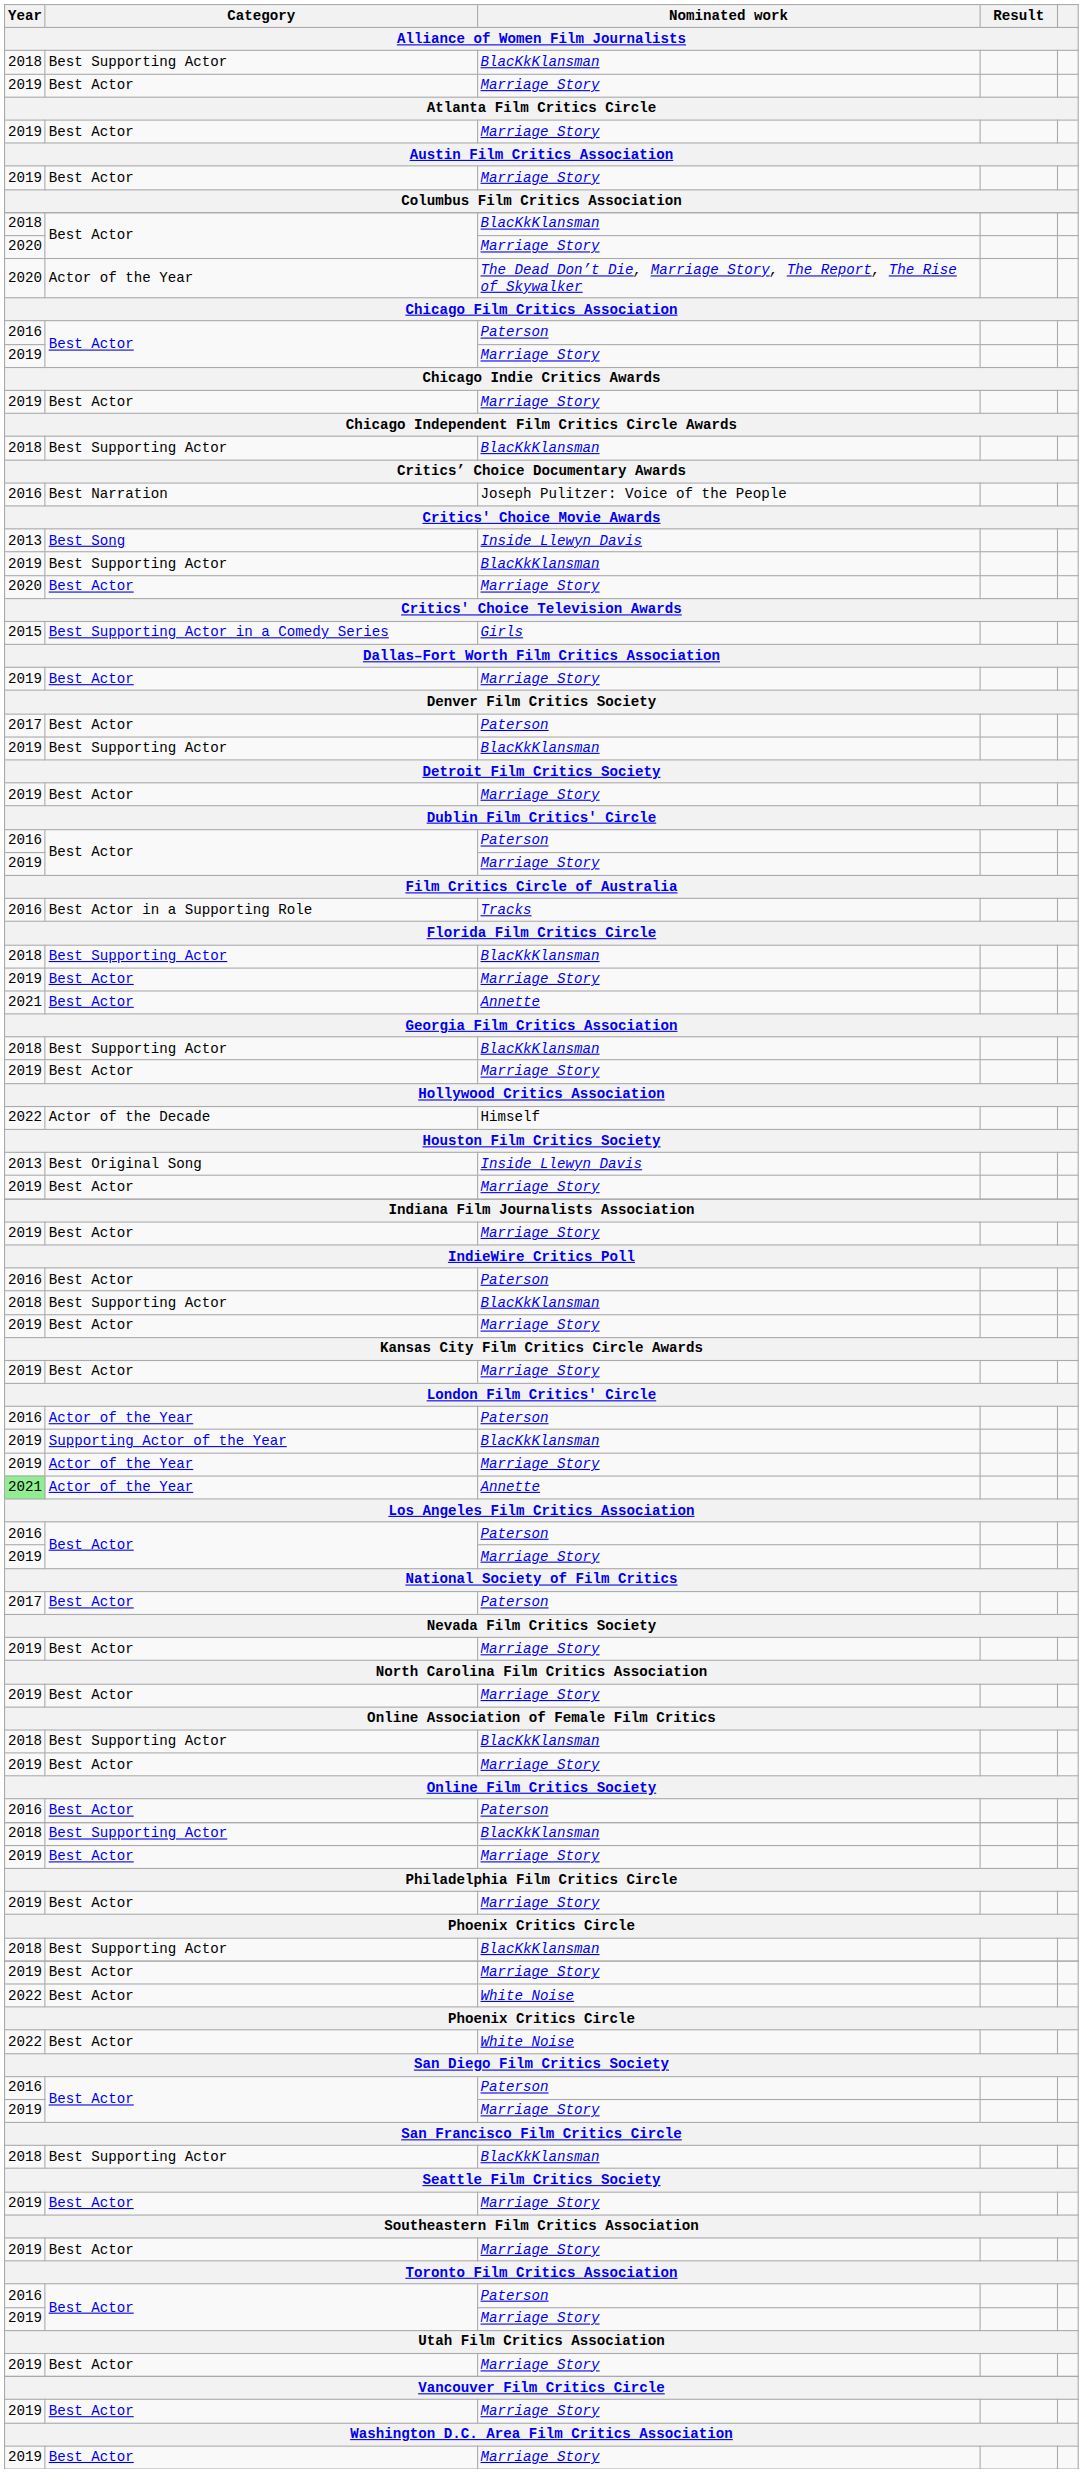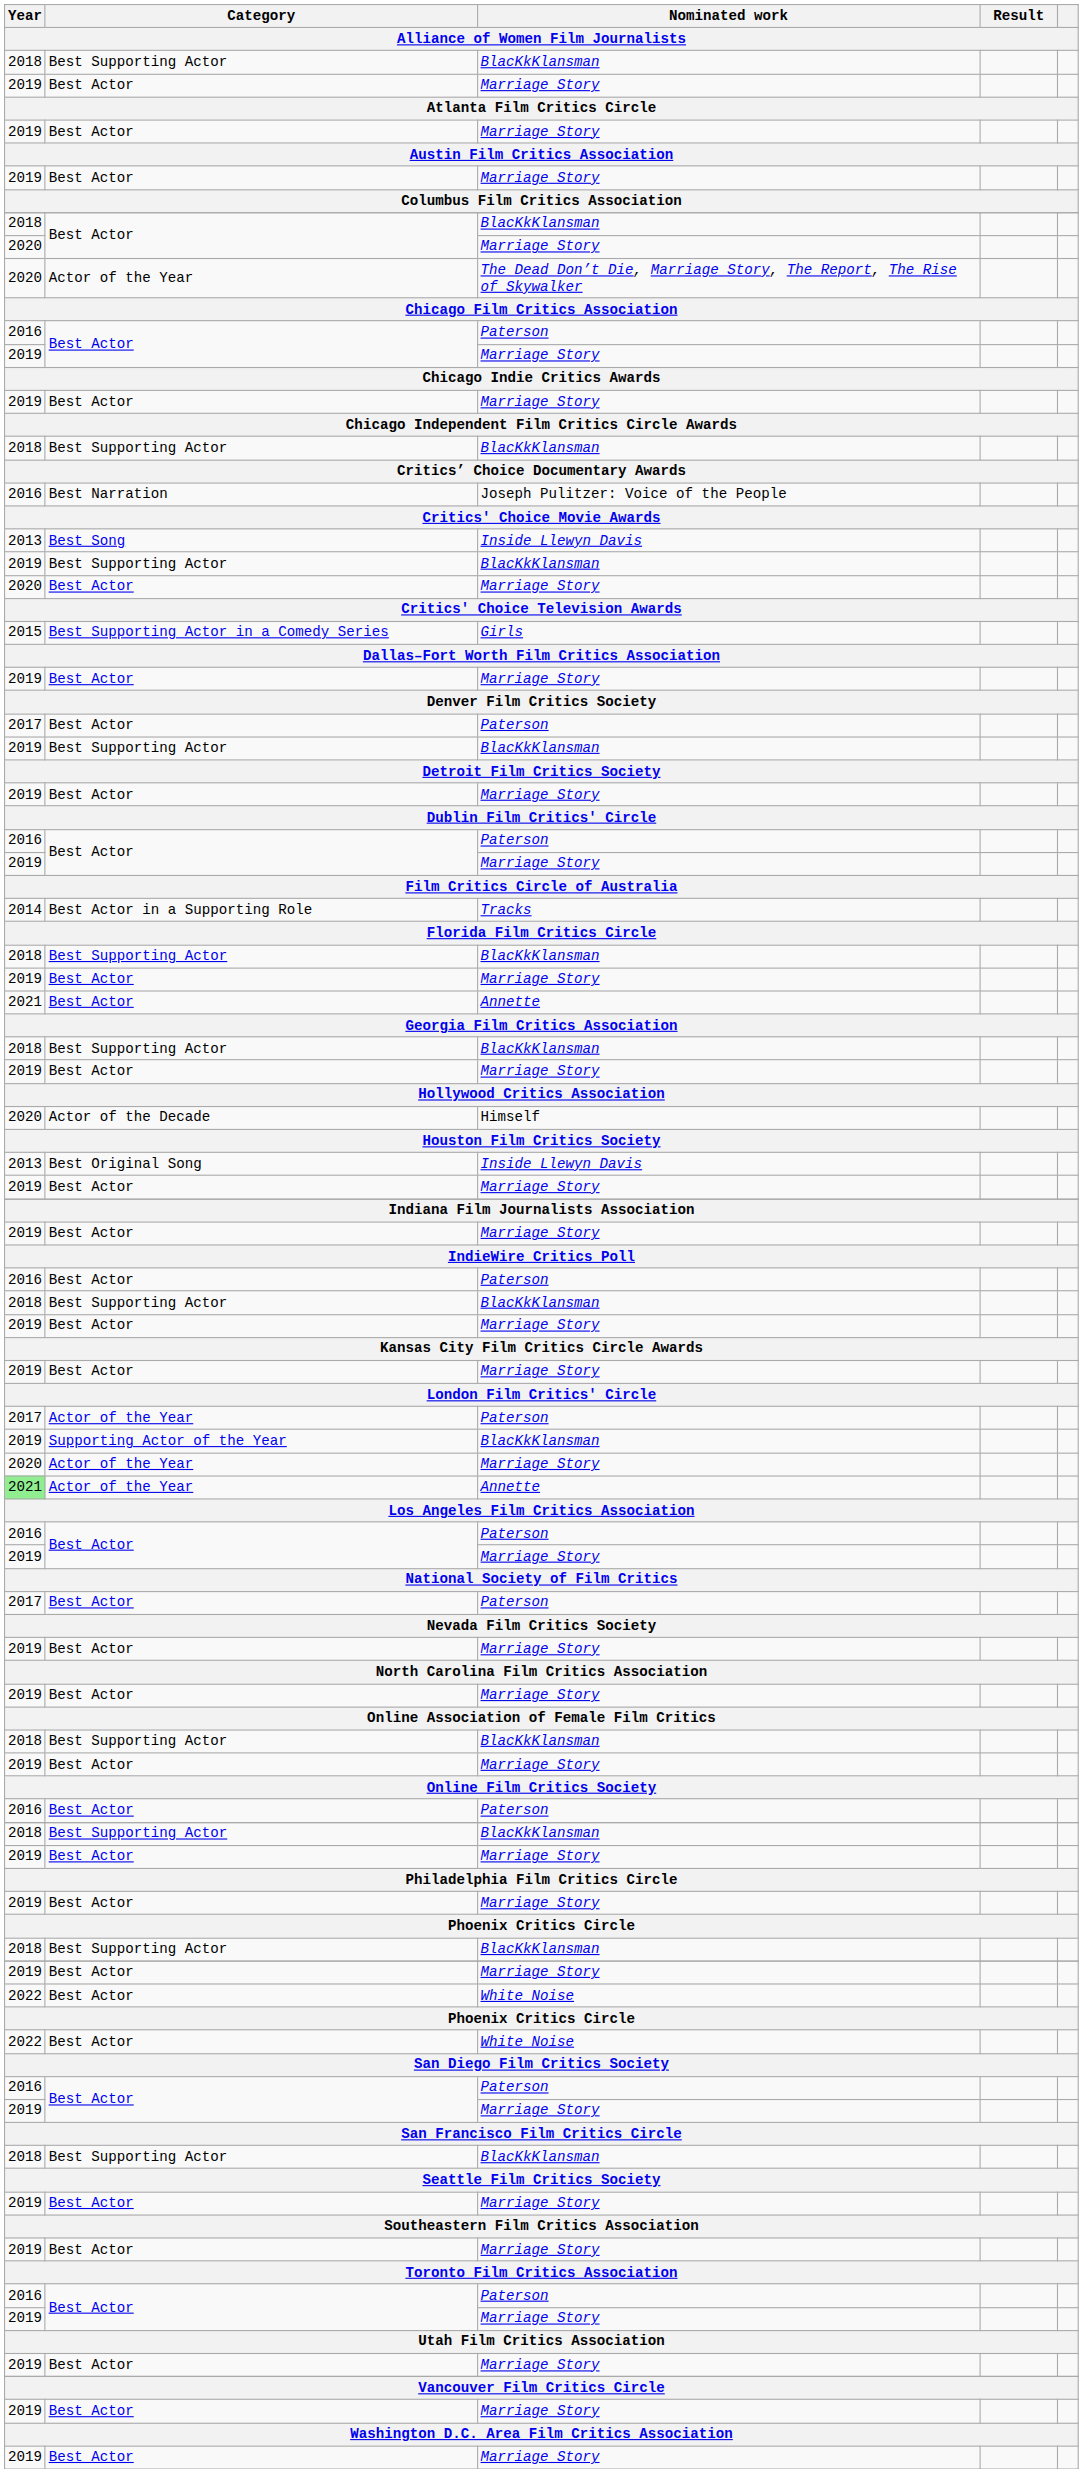 <table class="wikitable">
 <tr>
 <th scope="col" style="width:1em;">Year</th>
 <th scope="col" style="width:30em;">Category</th>
 <th scope="col" style="width:35em;">Nominated work</th>
 <th scope="col" style="width:5em;">Result</th>
 <th scope="col" style="width:1em;"></th>
 </tr>
 <tr>
 <th colspan="5"><a href='#'>Alliance of Women Film Journalists</a></th>
 </tr>
 <tr>
 <td style="text-align:center;">2018</td>
 <td>Best Supporting Actor</td>
 <td><em><a href='#'>BlacKkKlansman</a></em></td>
 <td></td>
 <td style="text-align:center;"></td>
 </tr>
 <tr>
 <td style="text-align:center;">2019</td>
 <td>Best Actor</td>
 <td><em><a href='#'>Marriage Story</a></em></td>
 <td></td>
 <td style="text-align:center;"></td>
 </tr>
 <tr>
 <th colspan="5">Atlanta Film Critics Circle</th>
 </tr>
 <tr>
 <td style="text-align:center;">2019</td>
 <td>Best Actor</td>
 <td><em><a href='#'>Marriage Story</a></em></td>
 <td></td>
 <td style="text-align:center;"></td>
 </tr>
 <tr>
 <th colspan="5"><a href='#'>Austin Film Critics Association</a></th>
 </tr>
 <tr>
 <td style="text-align:center;">2019</td>
 <td>Best Actor</td>
 <td><em><a href='#'>Marriage Story</a></em></td>
 <td></td>
 <td style="text-align:center;"></td>
 </tr>
 <tr>
 <th colspan="5">Columbus Film Critics Association</th>
 </tr>
 <tr>
 </tr>
 <tr>
 <td style="text-align:center;">2018</td>
 <td rowspan="2">Best Actor</td>
 <td><em><a href='#'>BlacKkKlansman</a></em></td>
 <td></td>
 <td style="text-align:center;"></td>
 </tr>
 <tr>
 <td style="text-align:center;">2020</td>
 <td><em><a href='#'>Marriage Story</a></em></td>
 <td></td>
 <td style="text-align:center;"></td>
 </tr>
 <tr>
 <td style="text-align:center;">2020</td>
 <td>Actor of the Year</td>
 <td><em><a href='#'>The Dead Don’t Die</a>, <a href='#'>Marriage Story</a>, <a href='#'>The Report</a>, <a href='#'>The Rise of Skywalker</a></em></td>
 <td></td>
 <td style="text-align:center;"></td>
 </tr>
 <tr>
 <th colspan="5"><a href='#'>Chicago Film Critics Association</a></th>
 </tr>
 <tr>
 <td style="text-align:center;">2016</td>
 <td rowspan="2"><a href='#'>Best Actor</a></td>
 <td><em><a href='#'>Paterson</a></em></td>
 <td></td>
 <td style="text-align:center;"></td>
 </tr>
 <tr>
 <td style="text-align:center;">2019</td>
 <td><em><a href='#'>Marriage Story</a></em></td>
 <td></td>
 <td style="text-align:center;"></td>
 </tr>
 <tr>
 <th colspan="5">Chicago Indie Critics Awards</th>
 </tr>
 <tr>
 <td style="text-align:center;">2019</td>
 <td>Best Actor</td>
 <td><em><a href='#'>Marriage Story</a></em></td>
 <td></td>
 <td style="text-align:center;"></td>
 </tr>
 <tr>
 <th colspan="5">Chicago Independent Film Critics Circle Awards</th>
 </tr>
 <tr>
 <td style="text-align:center;">2018</td>
 <td>Best Supporting Actor</td>
 <td><em><a href='#'>BlacKkKlansman </a></em></td>
 <td></td>
 <td style="text-align:center;"></td>
 </tr>
 <tr>
 <th colspan="5">Critics’ Choice Documentary Awards</th>
 </tr>
 <tr>
 <td style="text-align:center;">2016</td>
 <td>Best Narration</td>
 <td>Joseph Pulitzer: Voice of the People</td>
 <td></td>
 <td style="text-align:center;"></td>
 </tr>
 <tr>
 <th colspan="5"><a href='#'>Critics' Choice Movie Awards</a></th>
 </tr>
 <tr>
 <td style="text-align:center;">2013</td>
 <td><a href='#'>Best Song</a></td>
 <td><em><a href='#'>Inside Llewyn Davis</a></em></td>
 <td></td>
 <td style="text-align:center;"></td>
 </tr>
 <tr>
 <td style="text-align:center;">2019</td>
 <td>Best Supporting Actor</td>
 <td><em><a href='#'>BlacKkKlansman</a></em></td>
 <td></td>
 <td style="text-align:center;"></td>
 </tr>
 <tr>
 <td style="text-align:center;">2020</td>
 <td><a href='#'>Best Actor</a></td>
 <td><em><a href='#'>Marriage Story</a></em></td>
 <td></td>
 <td style="text-align:center;"></td>
 </tr>
 <tr>
 <th colspan="5"><a href='#'>Critics' Choice Television Awards</a></th>
 </tr>
 <tr>
 <td style="text-align:center;">2015</td>
 <td><a href='#'>Best Supporting Actor in a Comedy Series</a></td>
 <td><em><a href='#'>Girls</a></em></td>
 <td></td>
 <td style="text-align:center;"></td>
 </tr>
 <tr>
 <th colspan="5"><a href='#'>Dallas–Fort Worth Film Critics Association</a></th>
 </tr>
 <tr>
 <td style="text-align:center;">2019</td>
 <td><a href='#'>Best Actor</a></td>
 <td><em><a href='#'>Marriage Story</a></em></td>
 <td></td>
 <td style="text-align:center;"></td>
 </tr>
 <tr>
 <th colspan="5">Denver Film Critics Society</th>
 </tr>
 <tr>
 <td style="text-align:center;">2017</td>
 <td>Best Actor</td>
 <td><em><a href='#'>Paterson</a></em></td>
 <td></td>
 <td style="text-align:center;"></td>
 </tr>
 <tr>
 <td style="text-align:center;">2019</td>
 <td>Best Supporting Actor</td>
 <td><em><a href='#'>BlacKkKlansman</a></em></td>
 <td></td>
 <td style="text-align:center;"></td>
 </tr>
 <tr>
 <th colspan="5"><a href='#'>Detroit Film Critics Society</a></th>
 </tr>
 <tr>
 <td style="text-align:center;">2019</td>
 <td>Best Actor</td>
 <td><a href='#'><em>Marriage Story</em></a></td>
 <td></td>
 <td style="text-align:center;"></td>
 </tr>
 <tr>
 <th colspan="5"><a href='#'>Dublin Film Critics' Circle</a></th>
 </tr>
 <tr>
 <td style="text-align:center;">2016</td>
 <td rowspan="2">Best Actor</td>
 <td><em><a href='#'>Paterson</a></em></td>
 <td></td>
 <td style="text-align:center;"></td>
 </tr>
 <tr>
 <td style="text-align:center;">2019</td>
 <td><a href='#'><em>Marriage Story</em></a></td>
 <td></td>
 <td style="text-align:center;"></td>
 </tr>
 <tr>
 <th colspan="5"><a href='#'>Film Critics Circle of Australia</a></th>
 </tr>
 <tr>
-<td style="text-align:center;">2016</td>
+<td style="text-align:center;">2014</td>
 <td>Best Actor in a Supporting Role</td>
 <td><em><a href='#'>Tracks</a></em></td>
 <td></td>
 <td style="text-align:center;"></td>
 </tr>
 <tr>
 <th colspan="5"><a href='#'>Florida Film Critics Circle</a></th>
 </tr>
 <tr>
 <td style="text-align:center;">2018</td>
 <td><a href='#'>Best Supporting Actor</a></td>
 <td><em><a href='#'>BlacKkKlansman</a></em></td>
 <td></td>
 <td style="text-align:center;"></td>
 </tr>
 <tr>
 <td style="text-align:center;">2019</td>
 <td><a href='#'>Best Actor</a></td>
 <td><a href='#'><em>Marriage Story</em></a></td>
 <td></td>
 <td style="text-align:center;"></td>
 </tr>
 <tr>
 <td style="text-align:center;">2021</td>
 <td><a href='#'>Best Actor</a></td>
 <td><a href='#'><em>Annette</em></a></td>
 <td></td>
 <td style="text-align:center;"></td>
 </tr>
 <tr>
 <th colspan="5"><a href='#'>Georgia Film Critics Association</a></th>
 </tr>
 <tr>
 <td style="text-align:center;">2018</td>
 <td>Best Supporting Actor</td>
 <td><em><a href='#'>BlacKkKlansman</a></em></td>
 <td></td>
 <td style="text-align:center;"></td>
 </tr>
 <tr>
 <td style="text-align:center;">2019</td>
 <td>Best Actor</td>
 <td><a href='#'><em>Marriage Story</em></a></td>
 <td></td>
 <td style="text-align:center;"></td>
 </tr>
 <tr>
 <th colspan="5"><a href='#'>Hollywood Critics Association</a></th>
 </tr>
 <tr>
-<td style="text-align:center;">2022</td>
+<td style="text-align:center;">2020</td>
 <td>Actor of the Decade</td>
 <td>Himself</td>
 <td></td>
 <td style="text-align:center;"></td>
 </tr>
 <tr>
 <th colspan="5"><a href='#'>Houston Film Critics Society</a></th>
 </tr>
 <tr>
 <td style="text-align:center;">2013</td>
 <td>Best Original Song</td>
 <td><em><a href='#'>Inside Llewyn Davis</a></em></td>
 <td></td>
 <td style="text-align:center;"></td>
 </tr>
 <tr>
 <td style="text-align:center;">2019</td>
 <td>Best Actor</td>
 <td><a href='#'><em>Marriage Story</em></a></td>
 <td></td>
 <td style="text-align:center;"></td>
 </tr>
 <tr>
 </tr>
 <tr>
 <th colspan="5">Indiana Film Journalists Association</th>
 </tr>
 <tr>
 <td style="text-align:center;">2019</td>
 <td>Best Actor</td>
 <td><a href='#'><em>Marriage Story</em></a></td>
 <td></td>
 <td style="text-align:center;"></td>
 </tr>
 <tr>
 <th colspan="5"><a href='#'>IndieWire Critics Poll</a></th>
 </tr>
 <tr>
 <td style="text-align:center;">2016</td>
 <td>Best Actor</td>
 <td><em><a href='#'>Paterson</a></em></td>
 <td></td>
 <td style="text-align:center;"></td>
 </tr>
 <tr>
 <td style="text-align:center;">2018</td>
 <td>Best Supporting Actor</td>
 <td><em><a href='#'>BlacKkKlansman</a></em></td>
 <td></td>
 <td style="text-align:center;"></td>
 </tr>
 <tr>
 <td style="text-align:center;">2019</td>
 <td>Best Actor</td>
 <td><a href='#'><em>Marriage Story</em></a></td>
 <td></td>
 <td style="text-align:center;"></td>
 </tr>
 <tr>
 <th colspan="5">Kansas City Film Critics Circle Awards</th>
 </tr>
 <tr>
 <td style="text-align:center;">2019</td>
 <td>Best Actor</td>
 <td><a href='#'><em>Marriage Story</em></a></td>
 <td></td>
 <td style="text-align:center;"></td>
 </tr>
 <tr>
 <th colspan="5"><a href='#'>London Film Critics' Circle</a></th>
 </tr>
 <tr>
-<td style="text-align:center;">2016</td>
+<td style="text-align:center;">2017</td>
 <td><a href='#'>Actor of the Year</a></td>
 <td><em><a href='#'>Paterson</a></em></td>
 <td></td>
 <td style="text-align:center;"></td>
 </tr>
 <tr>
 <td style="text-align:center;">2019</td>
 <td><a href='#'>Supporting Actor of the Year</a></td>
 <td><em><a href='#'>BlacKkKlansman</a></em></td>
 <td></td>
 <td style="text-align:center;"></td>
 </tr>
 <tr>
-<td style="text-align:center;">2019</td>
+<td style="text-align:center;">2020</td>
 <td><a href='#'>Actor of the Year</a></td>
 <td><a href='#'><em>Marriage Story</em></a></td>
 <td></td>
 <td style="text-align:center;"></td>
 </tr>
 <tr>
 <td style="background: lightgreen; text-align:center;">2021</td>
 <td><a href='#'>Actor of the Year</a></td>
 <td><em><a href='#'>Annette</a></em></td>
 <td></td>
 <td style="text-align:center;"></td>
 </tr>
 <tr>
 <th colspan="5"><a href='#'>Los Angeles Film Critics Association</a></th>
 </tr>
 <tr>
 <td style="text-align:center;">2016</td>
 <td rowspan="2"><a href='#'>Best Actor</a></td>
 <td><em><a href='#'>Paterson</a></em></td>
 <td></td>
 <td style="text-align:center;"></td>
 </tr>
 <tr>
 <td style="text-align:center;">2019</td>
 <td><a href='#'><em>Marriage Story</em></a></td>
 <td></td>
 <td style="text-align:center;"></td>
 </tr>
 <tr>
 <th colspan="5"><a href='#'>National Society of Film Critics</a></th>
 </tr>
 <tr>
 <td style="text-align:center;">2017</td>
 <td><a href='#'>Best Actor</a></td>
 <td><em><a href='#'>Paterson</a></em></td>
 <td></td>
 <td style="text-align:center;"></td>
 </tr>
 <tr>
 <th colspan="5">Nevada Film Critics Society</th>
 </tr>
 <tr>
 <td style="text-align:center;">2019</td>
 <td>Best Actor</td>
 <td><a href='#'><em>Marriage Story</em></a></td>
 <td></td>
 <td style="text-align:center;"></td>
 </tr>
 <tr>
 <th colspan="5">North Carolina Film Critics Association</th>
 </tr>
 <tr>
 <td style="text-align:center;">2019</td>
 <td>Best Actor</td>
 <td><a href='#'><em>Marriage Story</em></a></td>
 <td></td>
 <td style="text-align:center;"></td>
 </tr>
 <tr>
 <th colspan="5">Online Association of Female Film Critics</th>
 </tr>
 <tr>
 <td style="text-align:center;">2018</td>
 <td>Best Supporting Actor</td>
 <td><em><a href='#'>BlacKkKlansman</a></em></td>
 <td></td>
 <td style="text-align:center;"></td>
 </tr>
 <tr>
 <td style="text-align:center;">2019</td>
 <td>Best Actor</td>
 <td><a href='#'><em>Marriage Story</em></a></td>
 <td></td>
 <td style="text-align:center;"></td>
 </tr>
 <tr>
 <th colspan="5"><a href='#'>Online Film Critics Society</a></th>
 </tr>
 <tr>
 <td style="text-align:center;">2016</td>
 <td><a href='#'>Best Actor</a></td>
 <td><em><a href='#'>Paterson</a></em></td>
 <td></td>
 <td style="text-align:center;"></td>
 </tr>
 <tr>
 </tr>
 <tr>
 <td style="text-align:center;">2018</td>
 <td><a href='#'>Best Supporting Actor</a></td>
 <td><em><a href='#'>BlacKkKlansman</a></em></td>
 <td></td>
 <td style="text-align:center;"></td>
 </tr>
 <tr>
 <td style="text-align:center;">2019</td>
 <td><a href='#'>Best Actor</a></td>
 <td><a href='#'><em>Marriage Story</em></a></td>
 <td></td>
 <td style="text-align:center;"></td>
 </tr>
 <tr>
 <th colspan="5">Philadelphia Film Critics Circle</th>
 </tr>
 <tr>
 <td style="text-align:center;">2019</td>
 <td>Best Actor</td>
 <td><a href='#'><em>Marriage Story</em></a></td>
 <td></td>
 <td style="text-align:center;"></td>
 </tr>
 <tr>
 <th colspan="5">Phoenix Critics Circle</th>
 </tr>
 <tr>
 <td style="text-align:center;">2018</td>
 <td>Best Supporting Actor</td>
 <td><em><a href='#'>BlacKkKlansman</a></em></td>
 <td></td>
 <td style="text-align:center;"></td>
 </tr>
 <tr>
 </tr>
 <tr>
 <td style="text-align:center;">2019</td>
 <td>Best Actor</td>
 <td><a href='#'><em>Marriage Story</em></a></td>
 <td></td>
 <td style="text-align:center;"></td>
 </tr>
 <tr>
 <td style="text-align:center;">2022</td>
 <td>Best Actor</td>
 <td><a href='#'><em>White Noise</em></a></td>
 <td></td>
 <td style="text-align:center;"></td>
 </tr>
 <tr>
 <th colspan="5">Phoenix Critics Circle</th>
 </tr>
 <tr>
 <td style="text-align:center;">2022</td>
 <td>Best Actor</td>
 <td><a href='#'><em>White Noise</em></a></td>
 <td></td>
 <td style="text-align:center;"></td>
 </tr>
 <tr>
 <th colspan="5"><a href='#'>San Diego Film Critics Society</a></th>
 </tr>
 <tr>
 <td style="text-align:center;">2016</td>
 <td rowspan="2"><a href='#'>Best Actor</a></td>
 <td><em><a href='#'>Paterson</a></em></td>
 <td></td>
 <td style="text-align:center;"></td>
 </tr>
 <tr>
 <td style="text-align:center;">2019</td>
 <td><em><a href='#'>Marriage Story</a></em></td>
 <td></td>
 <td style="text-align:center;"></td>
 </tr>
 <tr>
 <th colspan="5"><a href='#'>San Francisco Film Critics Circle</a></th>
 </tr>
 <tr>
 <td style="text-align:center;">2018</td>
 <td>Best Supporting Actor</td>
 <td><em><a href='#'>BlacKkKlansman</a></em></td>
 <td></td>
 <td style="text-align:center;"></td>
 </tr>
 <tr>
 <th colspan="5"><a href='#'>Seattle Film Critics Society</a></th>
 </tr>
 <tr>
 <td style="text-align:center;">2019</td>
 <td><a href='#'>Best Actor</a></td>
 <td><a href='#'><em>Marriage Story</em></a></td>
 <td></td>
 <td style="text-align:center;"></td>
 </tr>
 <tr>
 <th colspan="5">Southeastern Film Critics Association</th>
 </tr>
 <tr>
 <td style="text-align:center;">2019</td>
 <td>Best Actor</td>
 <td><a href='#'><em>Marriage Story</em></a></td>
 <td></td>
 <td style="text-align:center;"></td>
 </tr>
 <tr>
 <th colspan="5"><a href='#'>Toronto Film Critics Association</a></th>
 </tr>
 <tr>
 <td style="text-align:center;">2016</td>
 <td rowspan="2"><a href='#'>Best Actor</a></td>
 <td><em><a href='#'>Paterson</a></em></td>
 <td></td>
 <td style="text-align:center;"></td>
 </tr>
 <tr>
 <td style="text-align:center;">2019</td>
 <td><a href='#'><em>Marriage Story</em></a></td>
 <td></td>
 <td style="text-align:center;"></td>
 </tr>
 <tr>
 <th colspan="5">Utah Film Critics Association</th>
 </tr>
 <tr>
 <td style="text-align:center;">2019</td>
 <td>Best Actor</td>
 <td><a href='#'><em>Marriage Story</em></a></td>
 <td></td>
 <td style="text-align:center;"></td>
 </tr>
 <tr>
 </tr>
 <tr>
 <th colspan="5"><a href='#'>Vancouver Film Critics Circle</a></th>
 </tr>
 <tr>
 <td style="text-align:center;">2019</td>
 <td><a href='#'>Best Actor</a></td>
 <td><a href='#'><em>Marriage Story</em></a></td>
 <td></td>
 <td style="text-align:center;"></td>
 </tr>
 <tr>
 <th colspan="5"><a href='#'>Washington D.C. Area Film Critics Association</a></th>
 </tr>
 <tr>
 <td style="text-align:center;">2019</td>
 <td><a href='#'>Best Actor</a></td>
 <td><a href='#'><em>Marriage Story</em></a></td>
 <td></td>
 <td style="text-align:center;"></td>
 </tr>
 </table>
